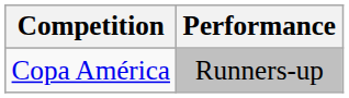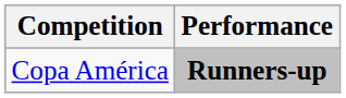 <table class="wikitable">
 <tr>
 <th>Competition</th>
 <th>Performance</th>
 </tr>
 <tr>
 <td><a href='#'>Copa América</a></td>
-<td align=center bgcolor=silver>Runners-up</td>
+<td align=center bgcolor=silver><strong>Runners-up</strong></td>
 </tr>
 </table>
